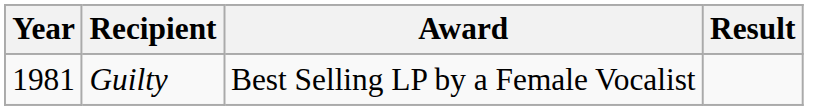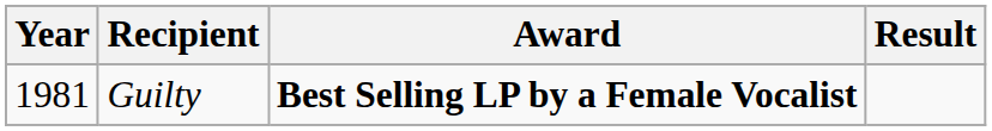 <table class="wikitable">
 <tr>
 <th>Year</th>
 <th>Recipient</th>
 <th>Award</th>
 <th>Result</th>
 </tr>
 <tr>
 <td rowspan="5">1981</td>
 <td><em>Guilty</em></td>
-<td>Best Selling LP by a Female Vocalist</td>
+<td><strong>Best Selling LP by a Female Vocalist</strong></td>
 <td></td>
 </tr>
 </table>
